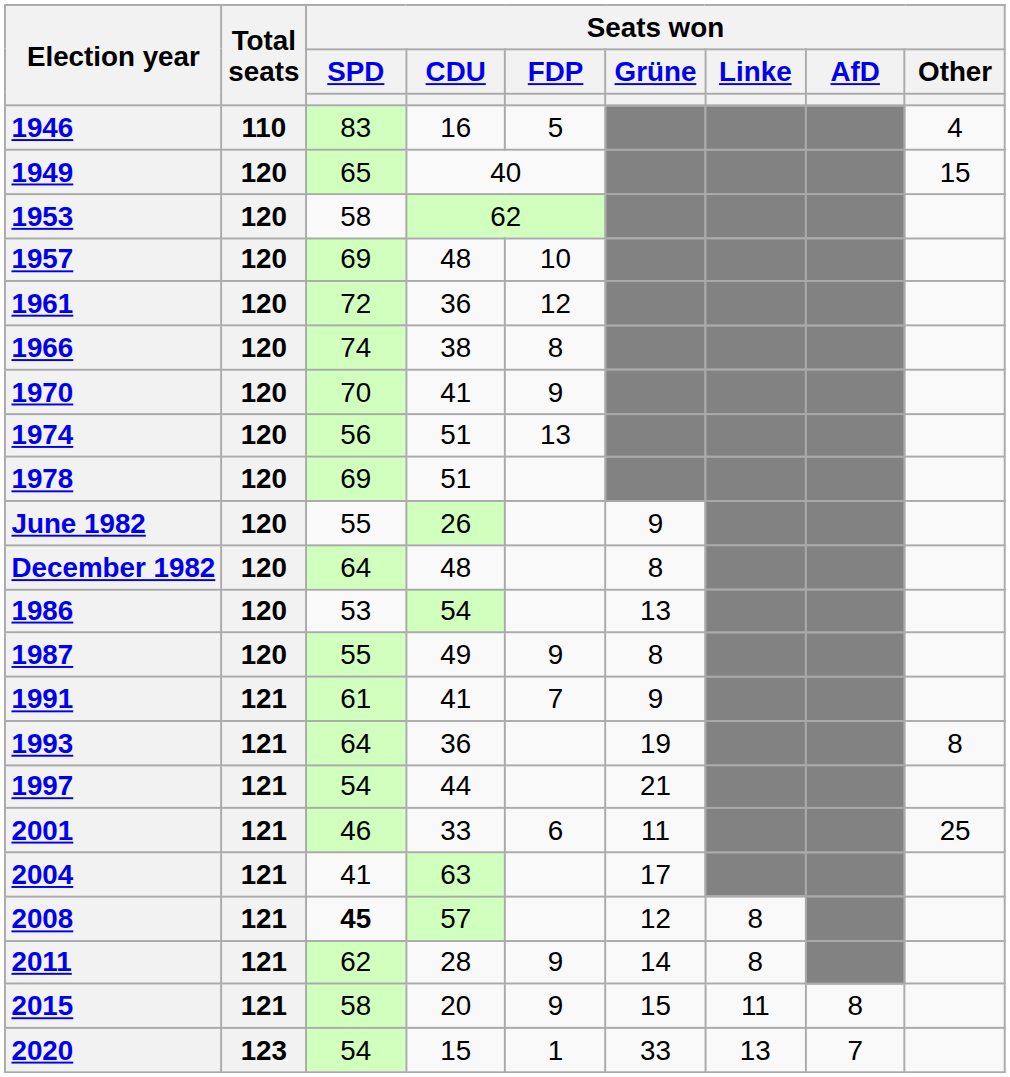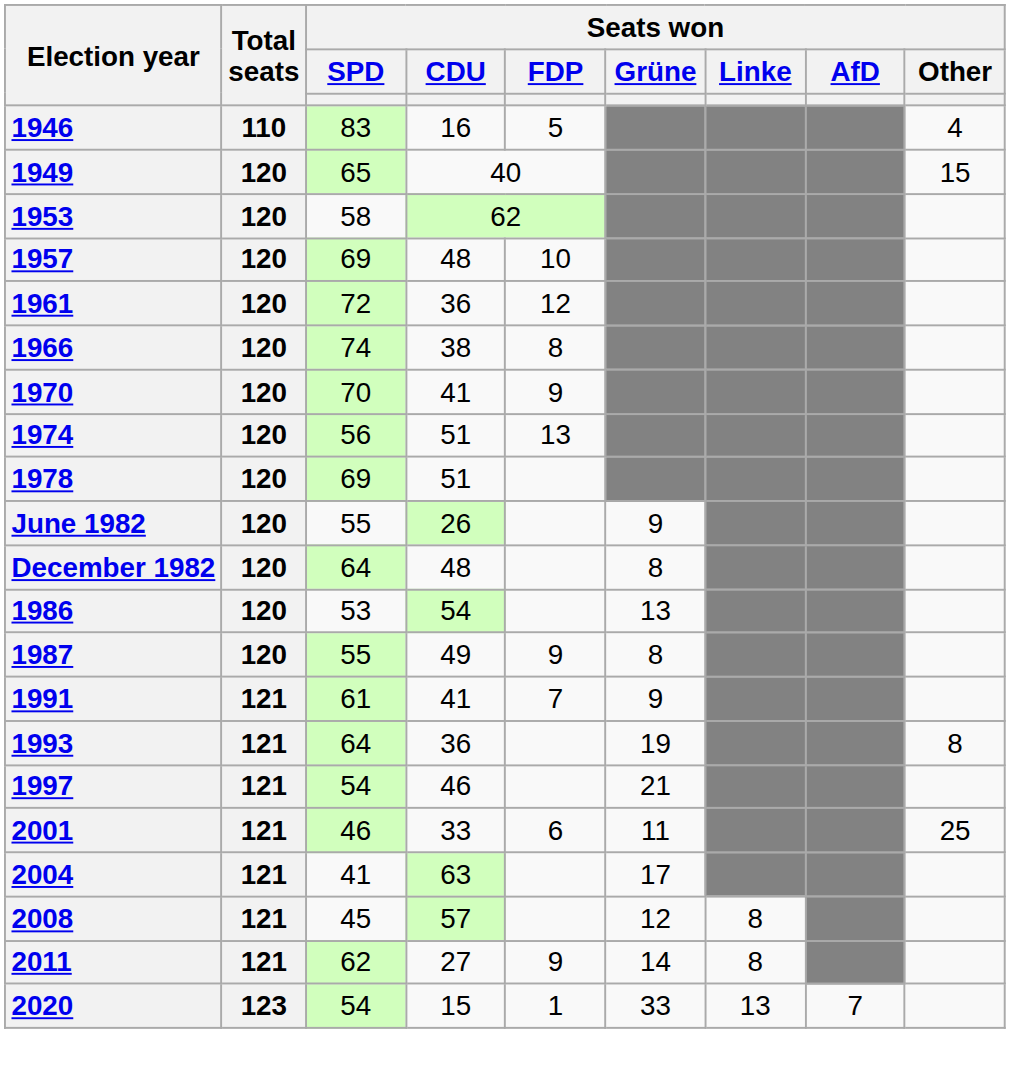 <table class="wikitable" style="text-align:center; font-size: 0.9em;">
 <tr>
 <th rowspan="3">Election year</th>
 <th rowspan="3">Total<br>seats</th>
 <th colspan="7">Seats won</th>
 </tr>
 <tr>
 <th class="unsortable" style="width:45px;"><a href='#'>SPD</a></th>
 <th class="unsortable" style="width:45px;"><a href='#'>CDU</a></th>
 <th class="unsortable" style="width:45px;"><a href='#'>FDP</a></th>
 <th class="unsortable" style="width:45px;"><a href='#'>Grüne</a></th>
 <th class="unsortable" style="width:45px;"><a href='#'>Linke</a></th>
 <th class="unsortable" style="width:45px;"><a href='#'>AfD</a></th>
 <th class="unsortable" style="width:45px;">Other</th>
 </tr>
 <tr>
 <th style="background:"></th>
 <th style="background:"></th>
 <th style="background:"></th>
 <th style="background:"></th>
 <th style="background:"></th>
 <th style="background:"></th>
 <th style="background:"></th>
 </tr>
 <tr>
 <th style="text-align: left;"><a href='#'>1946</a></th>
 <th>110</th>
 <td style="background:#d1ffbd;">83</td>
 <td>16</td>
 <td>5</td>
 <td style="background:#828282;"></td>
 <td style="background:#828282;"></td>
 <td style="background:#828282;"></td>
 <td>4 </td>
 </tr>
 <tr>
 <th style="text-align: left;"><a href='#'>1949</a></th>
 <th>120</th>
 <td style="background:#d1ffbd;">65</td>
 <td colspan=2>40 </td>
 <td style="background:#828282;"></td>
 <td style="background:#828282;"></td>
 <td style="background:#828282;"></td>
 <td>15 </td>
 </tr>
 <tr>
 <th style="text-align: left;"><a href='#'>1953</a></th>
 <th>120</th>
 <td>58</td>
 <td colspan=2 style="background:#d1ffbd;">62 </td>
 <td style="background:#828282;"></td>
 <td style="background:#828282;"></td>
 <td style="background:#828282;"></td>
 <td></td>
 </tr>
 <tr>
 <th style="text-align: left;"><a href='#'>1957</a></th>
 <th>120</th>
 <td style="background:#d1ffbd;">69</td>
 <td>48</td>
 <td>10</td>
 <td style="background:#828282;"></td>
 <td style="background:#828282;"></td>
 <td style="background:#828282;"></td>
 <td></td>
 </tr>
 <tr>
 <th style="text-align: left;"><a href='#'>1961</a></th>
 <th>120</th>
 <td style="background:#d1ffbd;">72</td>
 <td>36</td>
 <td>12</td>
 <td style="background:#828282;"></td>
 <td style="background:#828282;"></td>
 <td style="background:#828282;"></td>
 <td></td>
 </tr>
 <tr>
 <th style="text-align: left;"><a href='#'>1966</a></th>
 <th>120</th>
 <td style="background:#d1ffbd;">74</td>
 <td>38</td>
 <td>8</td>
 <td style="background:#828282;"></td>
 <td style="background:#828282;"></td>
 <td style="background:#828282;"></td>
 <td></td>
 </tr>
 <tr>
 <th style="text-align: left;"><a href='#'>1970</a></th>
 <th>120</th>
 <td style="background:#d1ffbd;">70</td>
 <td>41</td>
 <td>9</td>
 <td style="background:#828282;"></td>
 <td style="background:#828282;"></td>
 <td style="background:#828282;"></td>
 <td></td>
 </tr>
 <tr>
 <th style="text-align: left;"><a href='#'>1974</a></th>
 <th>120</th>
 <td style="background:#d1ffbd;">56</td>
 <td>51</td>
 <td>13</td>
 <td style="background:#828282;"></td>
 <td style="background:#828282;"></td>
 <td style="background:#828282;"></td>
 <td></td>
 </tr>
 <tr>
 <th style="text-align: left;"><a href='#'>1978</a></th>
 <th>120</th>
 <td style="background:#d1ffbd;">69</td>
 <td>51</td>
 <td></td>
 <td style="background:#828282;"></td>
 <td style="background:#828282;"></td>
 <td style="background:#828282;"></td>
 <td></td>
 </tr>
 <tr>
 <th style="text-align: left;"><a href='#'>June 1982</a></th>
 <th>120</th>
 <td>55</td>
 <td style="background:#d1ffbd;">26</td>
 <td></td>
 <td>9</td>
 <td style="background:#828282;"></td>
 <td style="background:#828282;"></td>
 <td></td>
 </tr>
 <tr>
 <th style="text-align: left;"><a href='#'>December 1982</a></th>
 <th>120</th>
 <td style="background:#d1ffbd;">64</td>
 <td>48</td>
 <td></td>
 <td>8</td>
 <td style="background:#828282;"></td>
 <td style="background:#828282;"></td>
 <td></td>
 </tr>
 <tr>
 <th style="text-align: left;"><a href='#'>1986</a></th>
 <th>120</th>
 <td>53</td>
 <td style="background:#d1ffbd;">54</td>
 <td></td>
 <td>13</td>
 <td style="background:#828282;"></td>
 <td style="background:#828282;"></td>
 <td></td>
 </tr>
 <tr>
 <th style="text-align: left;"><a href='#'>1987</a></th>
 <th>120</th>
 <td style="background:#d1ffbd;">55</td>
 <td>49</td>
 <td>9</td>
 <td>8</td>
 <td style="background:#828282;"></td>
 <td style="background:#828282;"></td>
 <td></td>
 </tr>
 <tr>
 <th style="text-align: left;"><a href='#'>1991</a></th>
 <th>121</th>
 <td style="background:#d1ffbd;">61</td>
 <td>41</td>
 <td>7</td>
 <td>9</td>
 <td style="background:#828282;"></td>
 <td style="background:#828282;"></td>
 <td></td>
 </tr>
 <tr>
 <th style="text-align: left;"><a href='#'>1993</a></th>
 <th>121</th>
 <td style="background:#d1ffbd;">64</td>
 <td>36</td>
 <td></td>
 <td>19</td>
 <td style="background:#828282;"></td>
 <td style="background:#828282;"></td>
 <td>8 </td>
 </tr>
 <tr>
 <th style="text-align: left;"><a href='#'>1997</a></th>
 <th>121</th>
 <td style="background:#d1ffbd;">54</td>
-<td>44</td>
+<td>46</td>
 <td></td>
 <td>21</td>
 <td style="background:#828282;"></td>
 <td style="background:#828282;"></td>
 <td></td>
 </tr>
 <tr>
 <th style="text-align: left;"><a href='#'>2001</a></th>
 <th>121</th>
 <td style="background:#d1ffbd;">46</td>
 <td>33</td>
 <td>6</td>
 <td>11</td>
 <td style="background:#828282;"></td>
 <td style="background:#828282;"></td>
 <td>25 </td>
 </tr>
 <tr>
 <th style="text-align: left;"><a href='#'>2004</a></th>
 <th>121</th>
 <td>41</td>
 <td style="background:#d1ffbd;">63</td>
 <td></td>
 <td>17</td>
 <td style="background:#828282;"></td>
 <td style="background:#828282;"></td>
 <td></td>
 </tr>
 <tr>
 <th style="text-align: left;"><a href='#'>2008</a></th>
 <th>121</th>
-<td><strong>45</strong></td>
+<td>45</td>
 <td style="background:#d1ffbd;">57</td>
 <td></td>
 <td>12</td>
 <td>8</td>
 <td style="background:#828282;"></td>
 <td></td>
 </tr>
 <tr>
 <th style="text-align: left;"><a href='#'>2011</a></th>
 <th>121</th>
 <td style="background:#d1ffbd;">62</td>
-<td>28</td>
+<td>27</td>
 <td>9</td>
 <td>14</td>
 <td>8</td>
 <td style="background:#828282;"></td>
-<td></td>
-</tr>
-<tr>
-<th style="text-align: left;"><a href='#'>2015</a></th>
-<th>121</th>
-<td style="background:#d1ffbd;">58</td>
-<td>20</td>
-<td>9</td>
-<td>15</td>
-<td>11</td>
-<td>8</td>
 <td></td>
 </tr>
 <tr>
 <th style="text-align: left;"><a href='#'>2020</a></th>
 <th>123</th>
 <td style="background:#d1ffbd;">54</td>
 <td>15</td>
 <td>1</td>
 <td>33</td>
 <td>13</td>
 <td>7</td>
 <td></td>
 </tr>
 </table>
